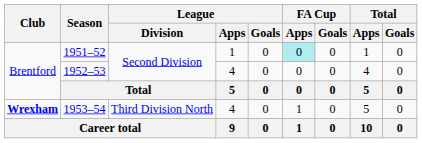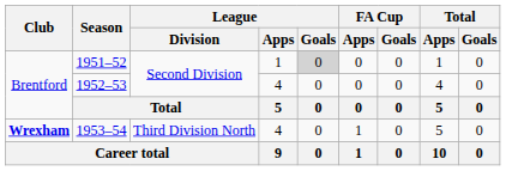 <table class="wikitable" style="text-align: center;">
 <tr>
 <th rowspan="2">Club</th>
 <th rowspan="2">Season</th>
 <th colspan="3">League</th>
 <th colspan="2">FA Cup</th>
 <th colspan="2">Total</th>
 </tr>
 <tr>
 <th>Division</th>
 <th>Apps</th>
 <th>Goals</th>
 <th>Apps</th>
 <th>Goals</th>
 <th>Apps</th>
 <th>Goals</th>
 </tr>
 <tr>
 <td rowspan="3"><a href='#'>Brentford</a></td>
 <td><a href='#'>1951–52</a></td>
 <td rowspan="2"><a href='#'>Second Division</a></td>
 <td>1</td>
+<td style="background: lightgrey;">0</td>
 <td>0</td>
-<td style="background: paleturquoise;">0</td>
 <td>0</td>
 <td>1</td>
 <td>0</td>
 </tr>
 <tr>
 <td><a href='#'>1952–53</a></td>
 <td>4</td>
 <td>0</td>
 <td>0</td>
 <td>0</td>
 <td>4</td>
 <td>0</td>
 </tr>
 <tr>
 <th colspan="2">Total</th>
 <th>5</th>
 <th>0</th>
 <th>0</th>
 <th>0</th>
 <th>5</th>
 <th>0</th>
 </tr>
 <tr>
 <td><strong><a href='#'>Wrexham</a></strong></td>
 <td><a href='#'>1953–54</a></td>
 <td><a href='#'>Third Division North</a></td>
 <td>4</td>
 <td>0</td>
 <td>1</td>
 <td>0</td>
 <td>5</td>
 <td>0</td>
 </tr>
 <tr>
 <th colspan="3">Career total</th>
 <th>9</th>
 <th>0</th>
 <th>1</th>
 <th>0</th>
 <th>10</th>
 <th>0</th>
 </tr>
 </table>
